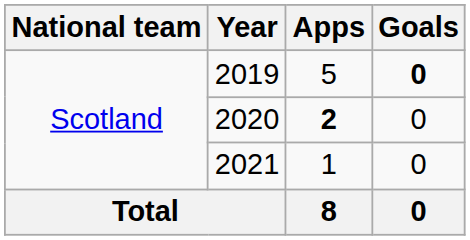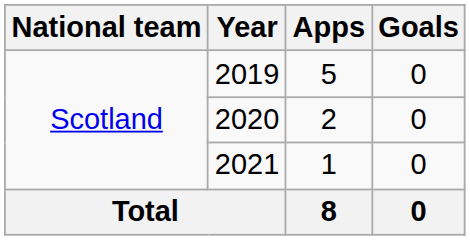 <table class=wikitable style=text-align:center>
 <tr>
 <th>National team</th>
 <th>Year</th>
 <th>Apps</th>
 <th>Goals</th>
 </tr>
 <tr>
 <td rowspan=3><a href='#'>Scotland</a></td>
 <td>2019</td>
 <td>5</td>
-<td><strong>0</strong></td>
+<td>0</td>
 </tr>
 <tr>
 <td>2020</td>
-<td><strong>2</strong></td>
+<td>2</td>
 <td>0</td>
 </tr>
 <tr>
 <td>2021</td>
 <td>1</td>
 <td>0</td>
 </tr>
 <tr>
 <th colspan=2>Total</th>
 <th>8</th>
 <th>0</th>
 </tr>
 </table>
